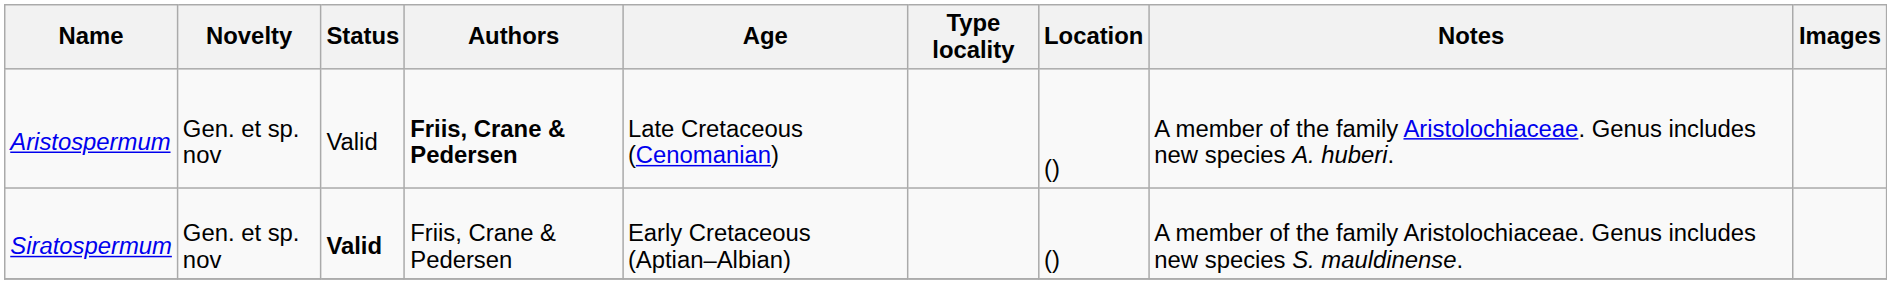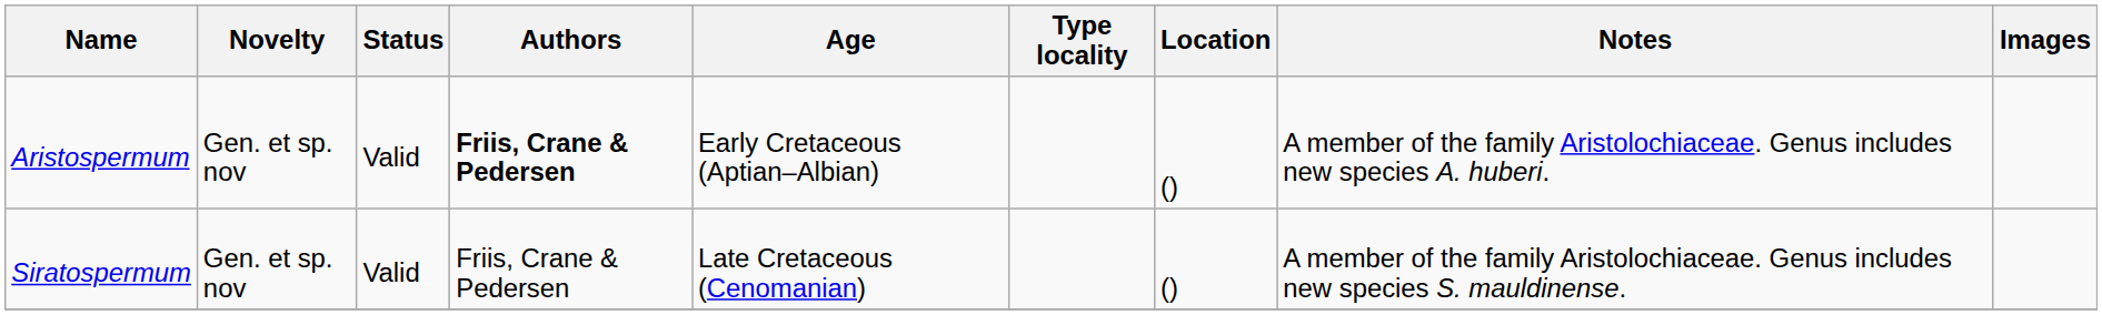 <table class="wikitable sortable" align="center" width="100%">
 <tr>
 <th>Name</th>
 <th>Novelty</th>
 <th>Status</th>
 <th>Authors</th>
 <th>Age</th>
 <th>Type locality</th>
 <th>Location</th>
 <th>Notes</th>
 <th>Images</th>
 </tr>
 <tr>
 <td><br><em><a href='#'>Aristospermum</a></em></td>
 <td><br>Gen. et sp. nov</td>
 <td><br>Valid</td>
 <td><strong><br>Friis, Crane & Pedersen</strong></td>
-<td><br>Late Cretaceous (<a href='#'>Cenomanian</a>)</td>
+<td><br>Early Cretaceous (Aptian–Albian)</td>
 <td></td>
 <td><br><br> <br>()</td>
 <td><br>A member of the family <a href='#'>Aristolochiaceae</a>. Genus includes new species <em>A. huberi</em>.</td>
 <td></td>
 </tr>
 <tr>
 <td><br><em><a href='#'>Siratospermum</a></em></td>
 <td><br>Gen. et sp. nov</td>
-<td><strong><br>Valid</strong></td>
+<td><br>Valid</td>
 <td><br>Friis, Crane & Pedersen</td>
-<td><br>Early Cretaceous (Aptian–Albian)</td>
+<td><br>Late Cretaceous (<a href='#'>Cenomanian</a>)</td>
 <td></td>
 <td><br><br>()</td>
 <td><br>A member of the family Aristolochiaceae. Genus includes new species <em>S. mauldinense</em>.</td>
 <td></td>
 </tr>
 <tr>
 </tr>
 </table>
